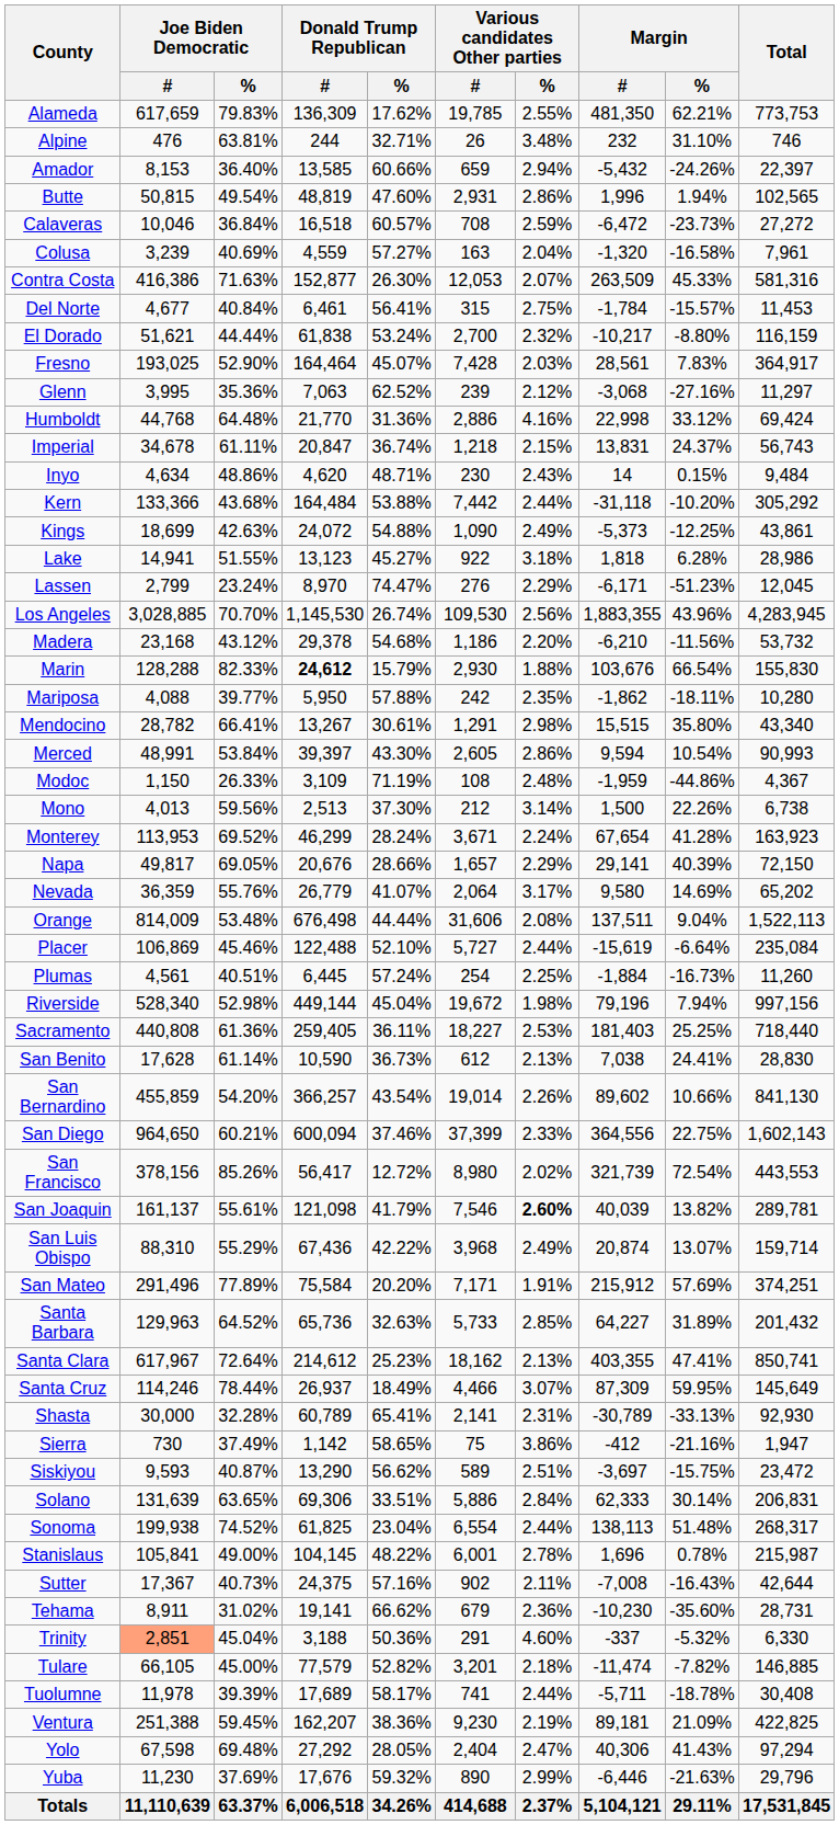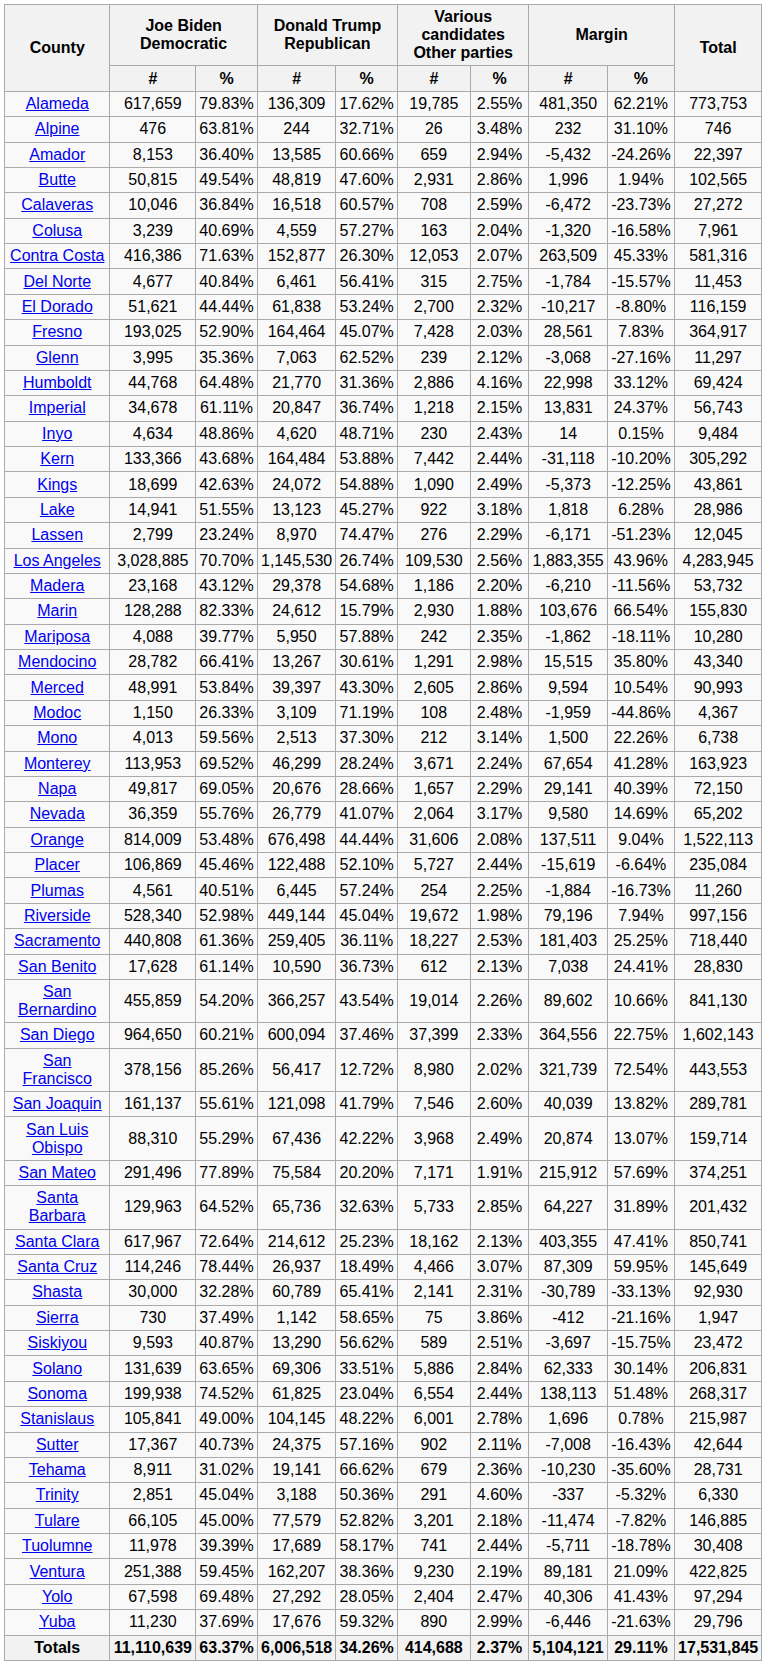 <table width="60%"  class="wikitable sortable" style="text-align:center">
 <tr>
 <th style="text-align:center;" rowspan="2">County</th>
 <th style="text-align:center;" colspan="2">Joe Biden<br>Democratic</th>
 <th style="text-align:center;" colspan="2">Donald Trump<br>Republican</th>
 <th style="text-align:center;" colspan="2">Various candidates<br>Other parties</th>
 <th style="text-align:center;" colspan="2">Margin</th>
 <th style="text-align:center;" rowspan="2">Total</th>
 </tr>
 <tr>
 <th style="text-align:center;" data-sort-type="number">#</th>
 <th style="text-align:center;" data-sort-type="number">%</th>
 <th style="text-align:center;" data-sort-type="number">#</th>
 <th style="text-align:center;" data-sort-type="number">%</th>
 <th style="text-align:center;" data-sort-type="number">#</th>
 <th style="text-align:center;" data-sort-type="number">%</th>
 <th style="text-align:center;" data-sort-type="number">#</th>
 <th style="text-align:center;" data-sort-type="number">%</th>
 </tr>
 <tr style="text-align:center;">
 <td><a href='#'>Alameda</a></td>
 <td>617,659</td>
 <td>79.83%</td>
 <td>136,309</td>
 <td>17.62%</td>
 <td>19,785</td>
 <td>2.55%</td>
 <td>481,350</td>
 <td>62.21%</td>
 <td>773,753</td>
 </tr>
 <tr style="text-align:center;">
 <td><a href='#'>Alpine</a></td>
 <td>476</td>
 <td>63.81%</td>
 <td>244</td>
 <td>32.71%</td>
 <td>26</td>
 <td>3.48%</td>
 <td>232</td>
 <td>31.10%</td>
 <td>746</td>
 </tr>
 <tr style="text-align:center;">
 <td><a href='#'>Amador</a></td>
 <td>8,153</td>
 <td>36.40%</td>
 <td>13,585</td>
 <td>60.66%</td>
 <td>659</td>
 <td>2.94%</td>
 <td>-5,432</td>
 <td>-24.26%</td>
 <td>22,397</td>
 </tr>
 <tr style="text-align:center;">
 <td><a href='#'>Butte</a></td>
 <td>50,815</td>
 <td>49.54%</td>
 <td>48,819</td>
 <td>47.60%</td>
 <td>2,931</td>
 <td>2.86%</td>
 <td>1,996</td>
 <td>1.94%</td>
 <td>102,565</td>
 </tr>
 <tr style="text-align:center;">
 <td><a href='#'>Calaveras</a></td>
 <td>10,046</td>
 <td>36.84%</td>
 <td>16,518</td>
 <td>60.57%</td>
 <td>708</td>
 <td>2.59%</td>
 <td>-6,472</td>
 <td>-23.73%</td>
 <td>27,272</td>
 </tr>
 <tr style="text-align:center;">
 <td><a href='#'>Colusa</a></td>
 <td>3,239</td>
 <td>40.69%</td>
 <td>4,559</td>
 <td>57.27%</td>
 <td>163</td>
 <td>2.04%</td>
 <td>-1,320</td>
 <td>-16.58%</td>
 <td>7,961</td>
 </tr>
 <tr style="text-align:center;">
 <td><a href='#'>Contra Costa</a></td>
 <td>416,386</td>
 <td>71.63%</td>
 <td>152,877</td>
 <td>26.30%</td>
 <td>12,053</td>
 <td>2.07%</td>
 <td>263,509</td>
 <td>45.33%</td>
 <td>581,316</td>
 </tr>
 <tr style="text-align:center;">
 <td><a href='#'>Del Norte</a></td>
 <td>4,677</td>
 <td>40.84%</td>
 <td>6,461</td>
 <td>56.41%</td>
 <td>315</td>
 <td>2.75%</td>
 <td>-1,784</td>
 <td>-15.57%</td>
 <td>11,453</td>
 </tr>
 <tr style="text-align:center;">
 <td><a href='#'>El Dorado</a></td>
 <td>51,621</td>
 <td>44.44%</td>
 <td>61,838</td>
 <td>53.24%</td>
 <td>2,700</td>
 <td>2.32%</td>
 <td>-10,217</td>
 <td>-8.80%</td>
 <td>116,159</td>
 </tr>
 <tr style="text-align:center;">
 <td><a href='#'>Fresno</a></td>
 <td>193,025</td>
 <td>52.90%</td>
 <td>164,464</td>
 <td>45.07%</td>
 <td>7,428</td>
 <td>2.03%</td>
 <td>28,561</td>
 <td>7.83%</td>
 <td>364,917</td>
 </tr>
 <tr style="text-align:center;">
 <td><a href='#'>Glenn</a></td>
 <td>3,995</td>
 <td>35.36%</td>
 <td>7,063</td>
 <td>62.52%</td>
 <td>239</td>
 <td>2.12%</td>
 <td>-3,068</td>
 <td>-27.16%</td>
 <td>11,297</td>
 </tr>
 <tr style="text-align:center;">
 <td><a href='#'>Humboldt</a></td>
 <td>44,768</td>
 <td>64.48%</td>
 <td>21,770</td>
 <td>31.36%</td>
 <td>2,886</td>
 <td>4.16%</td>
 <td>22,998</td>
 <td>33.12%</td>
 <td>69,424</td>
 </tr>
 <tr style="text-align:center;">
 <td><a href='#'>Imperial</a></td>
 <td>34,678</td>
 <td>61.11%</td>
 <td>20,847</td>
 <td>36.74%</td>
 <td>1,218</td>
 <td>2.15%</td>
 <td>13,831</td>
 <td>24.37%</td>
 <td>56,743</td>
 </tr>
 <tr style="text-align:center;">
 <td><a href='#'>Inyo</a></td>
 <td>4,634</td>
 <td>48.86%</td>
 <td>4,620</td>
 <td>48.71%</td>
 <td>230</td>
 <td>2.43%</td>
 <td>14</td>
 <td>0.15%</td>
 <td>9,484</td>
 </tr>
 <tr style="text-align:center;">
 <td><a href='#'>Kern</a></td>
 <td>133,366</td>
 <td>43.68%</td>
 <td>164,484</td>
 <td>53.88%</td>
 <td>7,442</td>
 <td>2.44%</td>
 <td>-31,118</td>
 <td>-10.20%</td>
 <td>305,292</td>
 </tr>
 <tr style="text-align:center;">
 <td><a href='#'>Kings</a></td>
 <td>18,699</td>
 <td>42.63%</td>
 <td>24,072</td>
 <td>54.88%</td>
 <td>1,090</td>
 <td>2.49%</td>
 <td>-5,373</td>
 <td>-12.25%</td>
 <td>43,861</td>
 </tr>
 <tr style="text-align:center;">
 <td><a href='#'>Lake</a></td>
 <td>14,941</td>
 <td>51.55%</td>
 <td>13,123</td>
 <td>45.27%</td>
 <td>922</td>
 <td>3.18%</td>
 <td>1,818</td>
 <td>6.28%</td>
 <td>28,986</td>
 </tr>
 <tr style="text-align:center;">
 <td><a href='#'>Lassen</a></td>
 <td>2,799</td>
 <td>23.24%</td>
 <td>8,970</td>
 <td>74.47%</td>
 <td>276</td>
 <td>2.29%</td>
 <td>-6,171</td>
 <td>-51.23%</td>
 <td>12,045</td>
 </tr>
 <tr style="text-align:center;">
 <td><a href='#'>Los Angeles</a></td>
 <td>3,028,885</td>
 <td>70.70%</td>
 <td>1,145,530</td>
 <td>26.74%</td>
 <td>109,530</td>
 <td>2.56%</td>
 <td>1,883,355</td>
 <td>43.96%</td>
 <td>4,283,945</td>
 </tr>
 <tr style="text-align:center;">
 <td><a href='#'>Madera</a></td>
 <td>23,168</td>
 <td>43.12%</td>
 <td>29,378</td>
 <td>54.68%</td>
 <td>1,186</td>
 <td>2.20%</td>
 <td>-6,210</td>
 <td>-11.56%</td>
 <td>53,732</td>
 </tr>
 <tr style="text-align:center;">
 <td><a href='#'>Marin</a></td>
 <td>128,288</td>
 <td>82.33%</td>
-<td><strong>24,612</strong></td>
+<td>24,612</td>
 <td>15.79%</td>
 <td>2,930</td>
 <td>1.88%</td>
 <td>103,676</td>
 <td>66.54%</td>
 <td>155,830</td>
 </tr>
 <tr style="text-align:center;">
 <td><a href='#'>Mariposa</a></td>
 <td>4,088</td>
 <td>39.77%</td>
 <td>5,950</td>
 <td>57.88%</td>
 <td>242</td>
 <td>2.35%</td>
 <td>-1,862</td>
 <td>-18.11%</td>
 <td>10,280</td>
 </tr>
 <tr style="text-align:center;">
 <td><a href='#'>Mendocino</a></td>
 <td>28,782</td>
 <td>66.41%</td>
 <td>13,267</td>
 <td>30.61%</td>
 <td>1,291</td>
 <td>2.98%</td>
 <td>15,515</td>
 <td>35.80%</td>
 <td>43,340</td>
 </tr>
 <tr style="text-align:center;">
 <td><a href='#'>Merced</a></td>
 <td>48,991</td>
 <td>53.84%</td>
 <td>39,397</td>
 <td>43.30%</td>
 <td>2,605</td>
 <td>2.86%</td>
 <td>9,594</td>
 <td>10.54%</td>
 <td>90,993</td>
 </tr>
 <tr style="text-align:center;">
 <td><a href='#'>Modoc</a></td>
 <td>1,150</td>
 <td>26.33%</td>
 <td>3,109</td>
 <td>71.19%</td>
 <td>108</td>
 <td>2.48%</td>
 <td>-1,959</td>
 <td>-44.86%</td>
 <td>4,367</td>
 </tr>
 <tr style="text-align:center;">
 <td><a href='#'>Mono</a></td>
 <td>4,013</td>
 <td>59.56%</td>
 <td>2,513</td>
 <td>37.30%</td>
 <td>212</td>
 <td>3.14%</td>
 <td>1,500</td>
 <td>22.26%</td>
 <td>6,738</td>
 </tr>
 <tr style="text-align:center;">
 <td><a href='#'>Monterey</a></td>
 <td>113,953</td>
 <td>69.52%</td>
 <td>46,299</td>
 <td>28.24%</td>
 <td>3,671</td>
 <td>2.24%</td>
 <td>67,654</td>
 <td>41.28%</td>
 <td>163,923</td>
 </tr>
 <tr style="text-align:center;">
 <td><a href='#'>Napa</a></td>
 <td>49,817</td>
 <td>69.05%</td>
 <td>20,676</td>
 <td>28.66%</td>
 <td>1,657</td>
 <td>2.29%</td>
 <td>29,141</td>
 <td>40.39%</td>
 <td>72,150</td>
 </tr>
 <tr style="text-align:center;">
 <td><a href='#'>Nevada</a></td>
 <td>36,359</td>
 <td>55.76%</td>
 <td>26,779</td>
 <td>41.07%</td>
 <td>2,064</td>
 <td>3.17%</td>
 <td>9,580</td>
 <td>14.69%</td>
 <td>65,202</td>
 </tr>
 <tr style="text-align:center;">
 <td><a href='#'>Orange</a></td>
 <td>814,009</td>
 <td>53.48%</td>
 <td>676,498</td>
 <td>44.44%</td>
 <td>31,606</td>
 <td>2.08%</td>
 <td>137,511</td>
 <td>9.04%</td>
 <td>1,522,113</td>
 </tr>
 <tr style="text-align:center;">
 <td><a href='#'>Placer</a></td>
 <td>106,869</td>
 <td>45.46%</td>
 <td>122,488</td>
 <td>52.10%</td>
 <td>5,727</td>
 <td>2.44%</td>
 <td>-15,619</td>
 <td>-6.64%</td>
 <td>235,084</td>
 </tr>
 <tr style="text-align:center;">
 <td><a href='#'>Plumas</a></td>
 <td>4,561</td>
 <td>40.51%</td>
 <td>6,445</td>
 <td>57.24%</td>
 <td>254</td>
 <td>2.25%</td>
 <td>-1,884</td>
 <td>-16.73%</td>
 <td>11,260</td>
 </tr>
 <tr style="text-align:center;">
 <td><a href='#'>Riverside</a></td>
 <td>528,340</td>
 <td>52.98%</td>
 <td>449,144</td>
 <td>45.04%</td>
 <td>19,672</td>
 <td>1.98%</td>
 <td>79,196</td>
 <td>7.94%</td>
 <td>997,156</td>
 </tr>
 <tr style="text-align:center;">
 <td><a href='#'>Sacramento</a></td>
 <td>440,808</td>
 <td>61.36%</td>
 <td>259,405</td>
 <td>36.11%</td>
 <td>18,227</td>
 <td>2.53%</td>
 <td>181,403</td>
 <td>25.25%</td>
 <td>718,440</td>
 </tr>
 <tr style="text-align:center;">
 <td><a href='#'>San Benito</a></td>
 <td>17,628</td>
 <td>61.14%</td>
 <td>10,590</td>
 <td>36.73%</td>
 <td>612</td>
 <td>2.13%</td>
 <td>7,038</td>
 <td>24.41%</td>
 <td>28,830</td>
 </tr>
 <tr style="text-align:center;">
 <td><a href='#'>San Bernardino</a></td>
 <td>455,859</td>
 <td>54.20%</td>
 <td>366,257</td>
 <td>43.54%</td>
 <td>19,014</td>
 <td>2.26%</td>
 <td>89,602</td>
 <td>10.66%</td>
 <td>841,130</td>
 </tr>
 <tr style="text-align:center;">
 <td><a href='#'>San Diego</a></td>
 <td>964,650</td>
 <td>60.21%</td>
 <td>600,094</td>
 <td>37.46%</td>
 <td>37,399</td>
 <td>2.33%</td>
 <td>364,556</td>
 <td>22.75%</td>
 <td>1,602,143</td>
 </tr>
 <tr style="text-align:center;">
 <td><a href='#'>San Francisco</a></td>
 <td>378,156</td>
 <td>85.26%</td>
 <td>56,417</td>
 <td>12.72%</td>
 <td>8,980</td>
 <td>2.02%</td>
 <td>321,739</td>
 <td>72.54%</td>
 <td>443,553</td>
 </tr>
 <tr style="text-align:center;">
 <td><a href='#'>San Joaquin</a></td>
 <td>161,137</td>
 <td>55.61%</td>
 <td>121,098</td>
 <td>41.79%</td>
 <td>7,546</td>
-<td><strong>2.60%</strong></td>
+<td>2.60%</td>
 <td>40,039</td>
 <td>13.82%</td>
 <td>289,781</td>
 </tr>
 <tr style="text-align:center;">
 <td><a href='#'>San Luis Obispo</a></td>
 <td>88,310</td>
 <td>55.29%</td>
 <td>67,436</td>
 <td>42.22%</td>
 <td>3,968</td>
 <td>2.49%</td>
 <td>20,874</td>
 <td>13.07%</td>
 <td>159,714</td>
 </tr>
 <tr style="text-align:center;">
 <td><a href='#'>San Mateo</a></td>
 <td>291,496</td>
 <td>77.89%</td>
 <td>75,584</td>
 <td>20.20%</td>
 <td>7,171</td>
 <td>1.91%</td>
 <td>215,912</td>
 <td>57.69%</td>
 <td>374,251</td>
 </tr>
 <tr style="text-align:center;">
 <td><a href='#'>Santa Barbara</a></td>
 <td>129,963</td>
 <td>64.52%</td>
 <td>65,736</td>
 <td>32.63%</td>
 <td>5,733</td>
 <td>2.85%</td>
 <td>64,227</td>
 <td>31.89%</td>
 <td>201,432</td>
 </tr>
 <tr style="text-align:center;">
 <td><a href='#'>Santa Clara</a></td>
 <td>617,967</td>
 <td>72.64%</td>
 <td>214,612</td>
 <td>25.23%</td>
 <td>18,162</td>
 <td>2.13%</td>
 <td>403,355</td>
 <td>47.41%</td>
 <td>850,741</td>
 </tr>
 <tr style="text-align:center;">
 <td><a href='#'>Santa Cruz</a></td>
 <td>114,246</td>
 <td>78.44%</td>
 <td>26,937</td>
 <td>18.49%</td>
 <td>4,466</td>
 <td>3.07%</td>
 <td>87,309</td>
 <td>59.95%</td>
 <td>145,649</td>
 </tr>
 <tr style="text-align:center;">
 <td><a href='#'>Shasta</a></td>
 <td>30,000</td>
 <td>32.28%</td>
 <td>60,789</td>
 <td>65.41%</td>
 <td>2,141</td>
 <td>2.31%</td>
 <td>-30,789</td>
 <td>-33.13%</td>
 <td>92,930</td>
 </tr>
 <tr style="text-align:center;">
 <td><a href='#'>Sierra</a></td>
 <td>730</td>
 <td>37.49%</td>
 <td>1,142</td>
 <td>58.65%</td>
 <td>75</td>
 <td>3.86%</td>
 <td>-412</td>
 <td>-21.16%</td>
 <td>1,947</td>
 </tr>
 <tr style="text-align:center;">
 <td><a href='#'>Siskiyou</a></td>
 <td>9,593</td>
 <td>40.87%</td>
 <td>13,290</td>
 <td>56.62%</td>
 <td>589</td>
 <td>2.51%</td>
 <td>-3,697</td>
 <td>-15.75%</td>
 <td>23,472</td>
 </tr>
 <tr style="text-align:center;">
 <td><a href='#'>Solano</a></td>
 <td>131,639</td>
 <td>63.65%</td>
 <td>69,306</td>
 <td>33.51%</td>
 <td>5,886</td>
 <td>2.84%</td>
 <td>62,333</td>
 <td>30.14%</td>
 <td>206,831</td>
 </tr>
 <tr style="text-align:center;">
 <td><a href='#'>Sonoma</a></td>
 <td>199,938</td>
 <td>74.52%</td>
 <td>61,825</td>
 <td>23.04%</td>
 <td>6,554</td>
 <td>2.44%</td>
 <td>138,113</td>
 <td>51.48%</td>
 <td>268,317</td>
 </tr>
 <tr style="text-align:center;">
 <td><a href='#'>Stanislaus</a></td>
 <td>105,841</td>
 <td>49.00%</td>
 <td>104,145</td>
 <td>48.22%</td>
 <td>6,001</td>
 <td>2.78%</td>
 <td>1,696</td>
 <td>0.78%</td>
 <td>215,987</td>
 </tr>
 <tr style="text-align:center;">
 <td><a href='#'>Sutter</a></td>
 <td>17,367</td>
 <td>40.73%</td>
 <td>24,375</td>
 <td>57.16%</td>
 <td>902</td>
 <td>2.11%</td>
 <td>-7,008</td>
 <td>-16.43%</td>
 <td>42,644</td>
 </tr>
 <tr style="text-align:center;">
 <td><a href='#'>Tehama</a></td>
 <td>8,911</td>
 <td>31.02%</td>
 <td>19,141</td>
 <td>66.62%</td>
 <td>679</td>
 <td>2.36%</td>
 <td>-10,230</td>
 <td>-35.60%</td>
 <td>28,731</td>
 </tr>
 <tr style="text-align:center;">
 <td><a href='#'>Trinity</a></td>
-<td style="background: lightsalmon;">2,851</td>
+<td>2,851</td>
 <td>45.04%</td>
 <td>3,188</td>
 <td>50.36%</td>
 <td>291</td>
 <td>4.60%</td>
 <td>-337</td>
 <td>-5.32%</td>
 <td>6,330</td>
 </tr>
 <tr style="text-align:center;">
 <td><a href='#'>Tulare</a></td>
 <td>66,105</td>
 <td>45.00%</td>
 <td>77,579</td>
 <td>52.82%</td>
 <td>3,201</td>
 <td>2.18%</td>
 <td>-11,474</td>
 <td>-7.82%</td>
 <td>146,885</td>
 </tr>
 <tr style="text-align:center;">
 <td><a href='#'>Tuolumne</a></td>
 <td>11,978</td>
 <td>39.39%</td>
 <td>17,689</td>
 <td>58.17%</td>
 <td>741</td>
 <td>2.44%</td>
 <td>-5,711</td>
 <td>-18.78%</td>
 <td>30,408</td>
 </tr>
 <tr style="text-align:center;">
 <td><a href='#'>Ventura</a></td>
 <td>251,388</td>
 <td>59.45%</td>
 <td>162,207</td>
 <td>38.36%</td>
 <td>9,230</td>
 <td>2.19%</td>
 <td>89,181</td>
 <td>21.09%</td>
 <td>422,825</td>
 </tr>
 <tr style="text-align:center;">
 <td><a href='#'>Yolo</a></td>
 <td>67,598</td>
 <td>69.48%</td>
 <td>27,292</td>
 <td>28.05%</td>
 <td>2,404</td>
 <td>2.47%</td>
 <td>40,306</td>
 <td>41.43%</td>
 <td>97,294</td>
 </tr>
 <tr style="text-align:center;">
 <td><a href='#'>Yuba</a></td>
 <td>11,230</td>
 <td>37.69%</td>
 <td>17,676</td>
 <td>59.32%</td>
 <td>890</td>
 <td>2.99%</td>
 <td>-6,446</td>
 <td>-21.63%</td>
 <td>29,796</td>
 </tr>
 <tr>
 <th>Totals</th>
 <th>11,110,639</th>
 <th>63.37%</th>
 <th>6,006,518</th>
 <th>34.26%</th>
 <th>414,688</th>
 <th>2.37%</th>
 <th>5,104,121</th>
 <th>29.11%</th>
 <th>17,531,845</th>
 </tr>
 </table>
